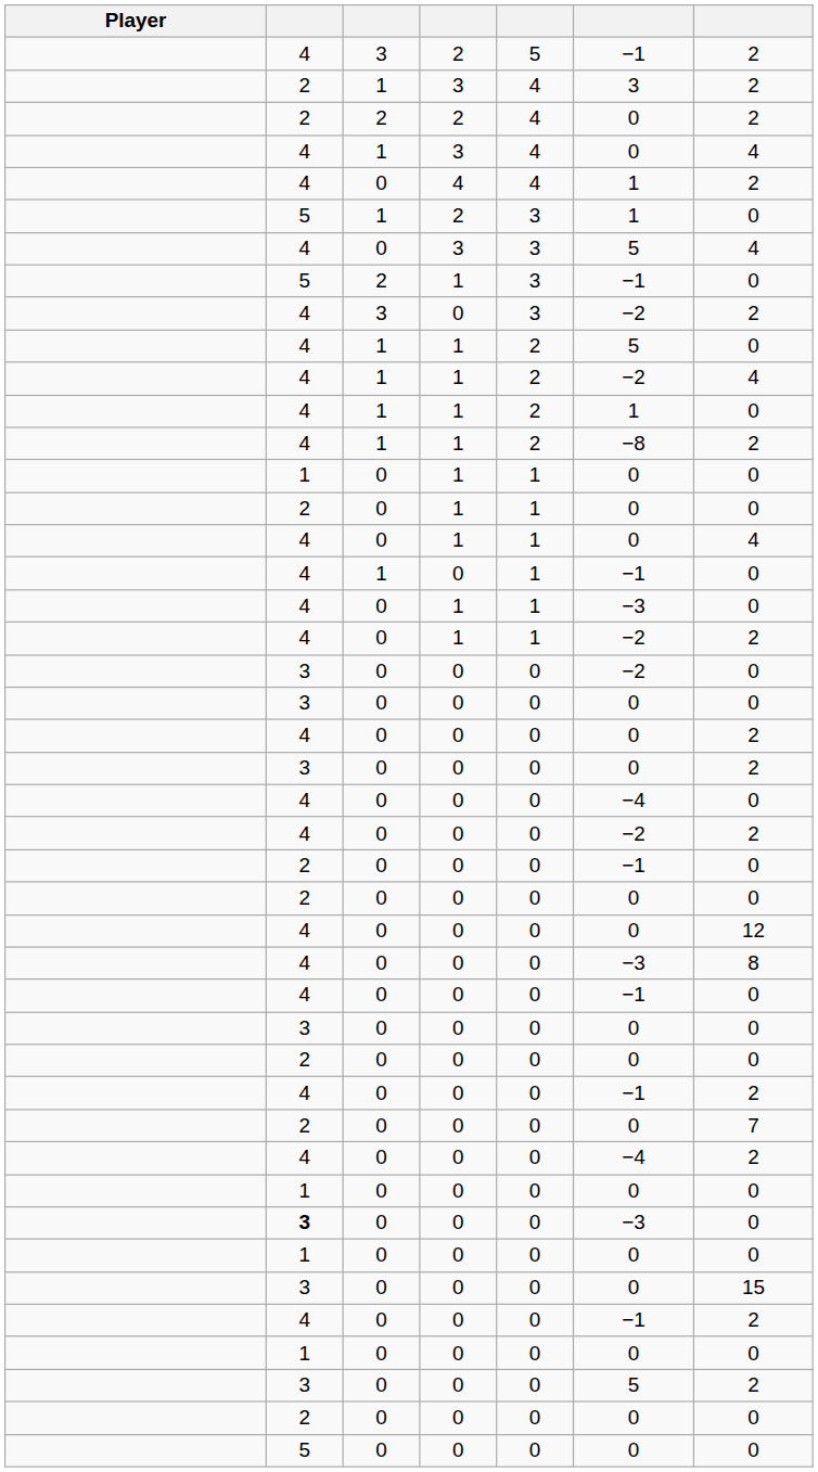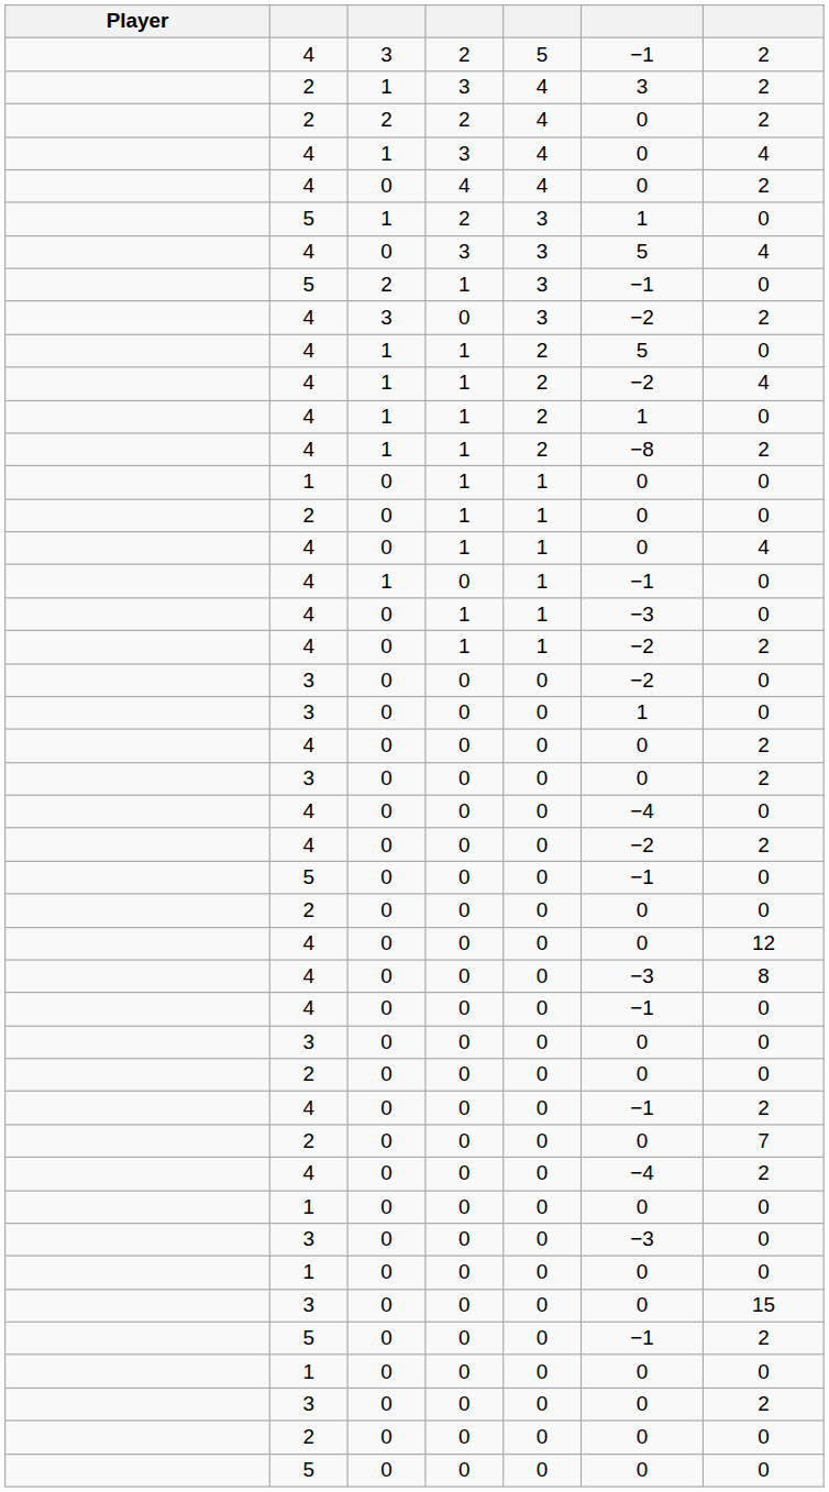 <table class="wikitable sortable" style="width:50%; text-align:center;">
 <tr>
 <th>Player</th>
 <th></th>
 <th></th>
 <th></th>
 <th></th>
 <th data-sort-type="number"></th>
 <th></th>
 </tr>
 <tr>
 <td></td>
 <td>4</td>
 <td>3</td>
 <td>2</td>
 <td>5</td>
 <td>−1</td>
 <td>2</td>
 </tr>
 <tr>
 <td></td>
 <td>2</td>
 <td>1</td>
 <td>3</td>
 <td>4</td>
 <td>3</td>
 <td>2</td>
 </tr>
 <tr>
 <td></td>
 <td>2</td>
 <td>2</td>
 <td>2</td>
 <td>4</td>
 <td>0</td>
 <td>2</td>
 </tr>
 <tr>
 <td></td>
 <td>4</td>
 <td>1</td>
 <td>3</td>
 <td>4</td>
 <td>0</td>
 <td>4</td>
 </tr>
 <tr>
 <td></td>
 <td>4</td>
 <td>0</td>
 <td>4</td>
 <td>4</td>
-<td>1</td>
+<td>0</td>
 <td>2</td>
 </tr>
 <tr>
 <td></td>
 <td>5</td>
 <td>1</td>
 <td>2</td>
 <td>3</td>
 <td>1</td>
 <td>0</td>
 </tr>
 <tr>
 <td></td>
 <td>4</td>
 <td>0</td>
 <td>3</td>
 <td>3</td>
 <td>5</td>
 <td>4</td>
 </tr>
 <tr>
 <td></td>
 <td>5</td>
 <td>2</td>
 <td>1</td>
 <td>3</td>
 <td>−1</td>
 <td>0</td>
 </tr>
 <tr>
 <td></td>
 <td>4</td>
 <td>3</td>
 <td>0</td>
 <td>3</td>
 <td>−2</td>
 <td>2</td>
 </tr>
 <tr>
 <td></td>
 <td>4</td>
 <td>1</td>
 <td>1</td>
 <td>2</td>
 <td>5</td>
 <td>0</td>
 </tr>
 <tr>
 <td></td>
 <td>4</td>
 <td>1</td>
 <td>1</td>
 <td>2</td>
 <td>−2</td>
 <td>4</td>
 </tr>
 <tr>
 <td></td>
 <td>4</td>
 <td>1</td>
 <td>1</td>
 <td>2</td>
 <td>1</td>
 <td>0</td>
 </tr>
 <tr>
 <td></td>
 <td>4</td>
 <td>1</td>
 <td>1</td>
 <td>2</td>
 <td>−8</td>
 <td>2</td>
 </tr>
 <tr>
 <td></td>
 <td>1</td>
 <td>0</td>
 <td>1</td>
 <td>1</td>
 <td>0</td>
 <td>0</td>
 </tr>
 <tr>
 <td></td>
 <td>2</td>
 <td>0</td>
 <td>1</td>
 <td>1</td>
 <td>0</td>
 <td>0</td>
 </tr>
 <tr>
 <td></td>
 <td>4</td>
 <td>0</td>
 <td>1</td>
 <td>1</td>
 <td>0</td>
 <td>4</td>
 </tr>
 <tr>
 <td></td>
 <td>4</td>
 <td>1</td>
 <td>0</td>
 <td>1</td>
 <td>−1</td>
 <td>0</td>
 </tr>
 <tr>
 <td></td>
 <td>4</td>
 <td>0</td>
 <td>1</td>
 <td>1</td>
 <td>−3</td>
 <td>0</td>
 </tr>
 <tr>
 <td></td>
 <td>4</td>
 <td>0</td>
 <td>1</td>
 <td>1</td>
 <td>−2</td>
 <td>2</td>
 </tr>
 <tr>
 <td></td>
 <td>3</td>
 <td>0</td>
 <td>0</td>
 <td>0</td>
 <td>−2</td>
 <td>0</td>
 </tr>
 <tr>
 <td></td>
 <td>3</td>
 <td>0</td>
 <td>0</td>
 <td>0</td>
-<td>0</td>
+<td>1</td>
 <td>0</td>
 </tr>
 <tr>
 <td></td>
 <td>4</td>
 <td>0</td>
 <td>0</td>
 <td>0</td>
 <td>0</td>
 <td>2</td>
 </tr>
 <tr>
 <td></td>
 <td>3</td>
 <td>0</td>
 <td>0</td>
 <td>0</td>
 <td>0</td>
 <td>2</td>
 </tr>
 <tr>
 <td></td>
 <td>4</td>
 <td>0</td>
 <td>0</td>
 <td>0</td>
 <td>−4</td>
 <td>0</td>
 </tr>
 <tr>
 <td></td>
 <td>4</td>
 <td>0</td>
 <td>0</td>
 <td>0</td>
 <td>−2</td>
 <td>2</td>
 </tr>
 <tr>
 <td></td>
-<td>2</td>
+<td>5</td>
 <td>0</td>
 <td>0</td>
 <td>0</td>
 <td>−1</td>
 <td>0</td>
 </tr>
 <tr>
 <td></td>
 <td>2</td>
 <td>0</td>
 <td>0</td>
 <td>0</td>
 <td>0</td>
 <td>0</td>
 </tr>
 <tr>
 <td></td>
 <td>4</td>
 <td>0</td>
 <td>0</td>
 <td>0</td>
 <td>0</td>
 <td>12</td>
 </tr>
 <tr>
 <td></td>
 <td>4</td>
 <td>0</td>
 <td>0</td>
 <td>0</td>
 <td>−3</td>
 <td>8</td>
 </tr>
 <tr>
 <td></td>
 <td>4</td>
 <td>0</td>
 <td>0</td>
 <td>0</td>
 <td>−1</td>
 <td>0</td>
 </tr>
 <tr>
 <td></td>
 <td>3</td>
 <td>0</td>
 <td>0</td>
 <td>0</td>
 <td>0</td>
 <td>0</td>
 </tr>
 <tr>
 <td></td>
 <td>2</td>
 <td>0</td>
 <td>0</td>
 <td>0</td>
 <td>0</td>
 <td>0</td>
 </tr>
 <tr>
 <td></td>
 <td>4</td>
 <td>0</td>
 <td>0</td>
 <td>0</td>
 <td>−1</td>
 <td>2</td>
 </tr>
 <tr>
 <td></td>
 <td>2</td>
 <td>0</td>
 <td>0</td>
 <td>0</td>
 <td>0</td>
 <td>7</td>
 </tr>
 <tr>
 <td></td>
 <td>4</td>
 <td>0</td>
 <td>0</td>
 <td>0</td>
 <td>−4</td>
 <td>2</td>
 </tr>
 <tr>
 <td></td>
 <td>1</td>
 <td>0</td>
 <td>0</td>
 <td>0</td>
 <td>0</td>
 <td>0</td>
 </tr>
 <tr>
 <td></td>
-<td><strong>3</strong></td>
+<td>3</td>
 <td>0</td>
 <td>0</td>
 <td>0</td>
 <td>−3</td>
 <td>0</td>
 </tr>
 <tr>
 <td></td>
 <td>1</td>
 <td>0</td>
 <td>0</td>
 <td>0</td>
 <td>0</td>
 <td>0</td>
 </tr>
 <tr>
 <td></td>
 <td>3</td>
 <td>0</td>
 <td>0</td>
 <td>0</td>
 <td>0</td>
 <td>15</td>
 </tr>
 <tr>
 <td></td>
-<td>4</td>
+<td>5</td>
 <td>0</td>
 <td>0</td>
 <td>0</td>
 <td>−1</td>
 <td>2</td>
 </tr>
 <tr>
 <td></td>
 <td>1</td>
 <td>0</td>
 <td>0</td>
 <td>0</td>
 <td>0</td>
 <td>0</td>
 </tr>
 <tr>
 <td></td>
 <td>3</td>
 <td>0</td>
 <td>0</td>
 <td>0</td>
-<td>5</td>
+<td>0</td>
 <td>2</td>
 </tr>
 <tr>
 <td></td>
 <td>2</td>
 <td>0</td>
 <td>0</td>
 <td>0</td>
 <td>0</td>
 <td>0</td>
 </tr>
 <tr>
 <td></td>
 <td>5</td>
 <td>0</td>
 <td>0</td>
 <td>0</td>
 <td>0</td>
 <td>0</td>
 </tr>
 </table>
